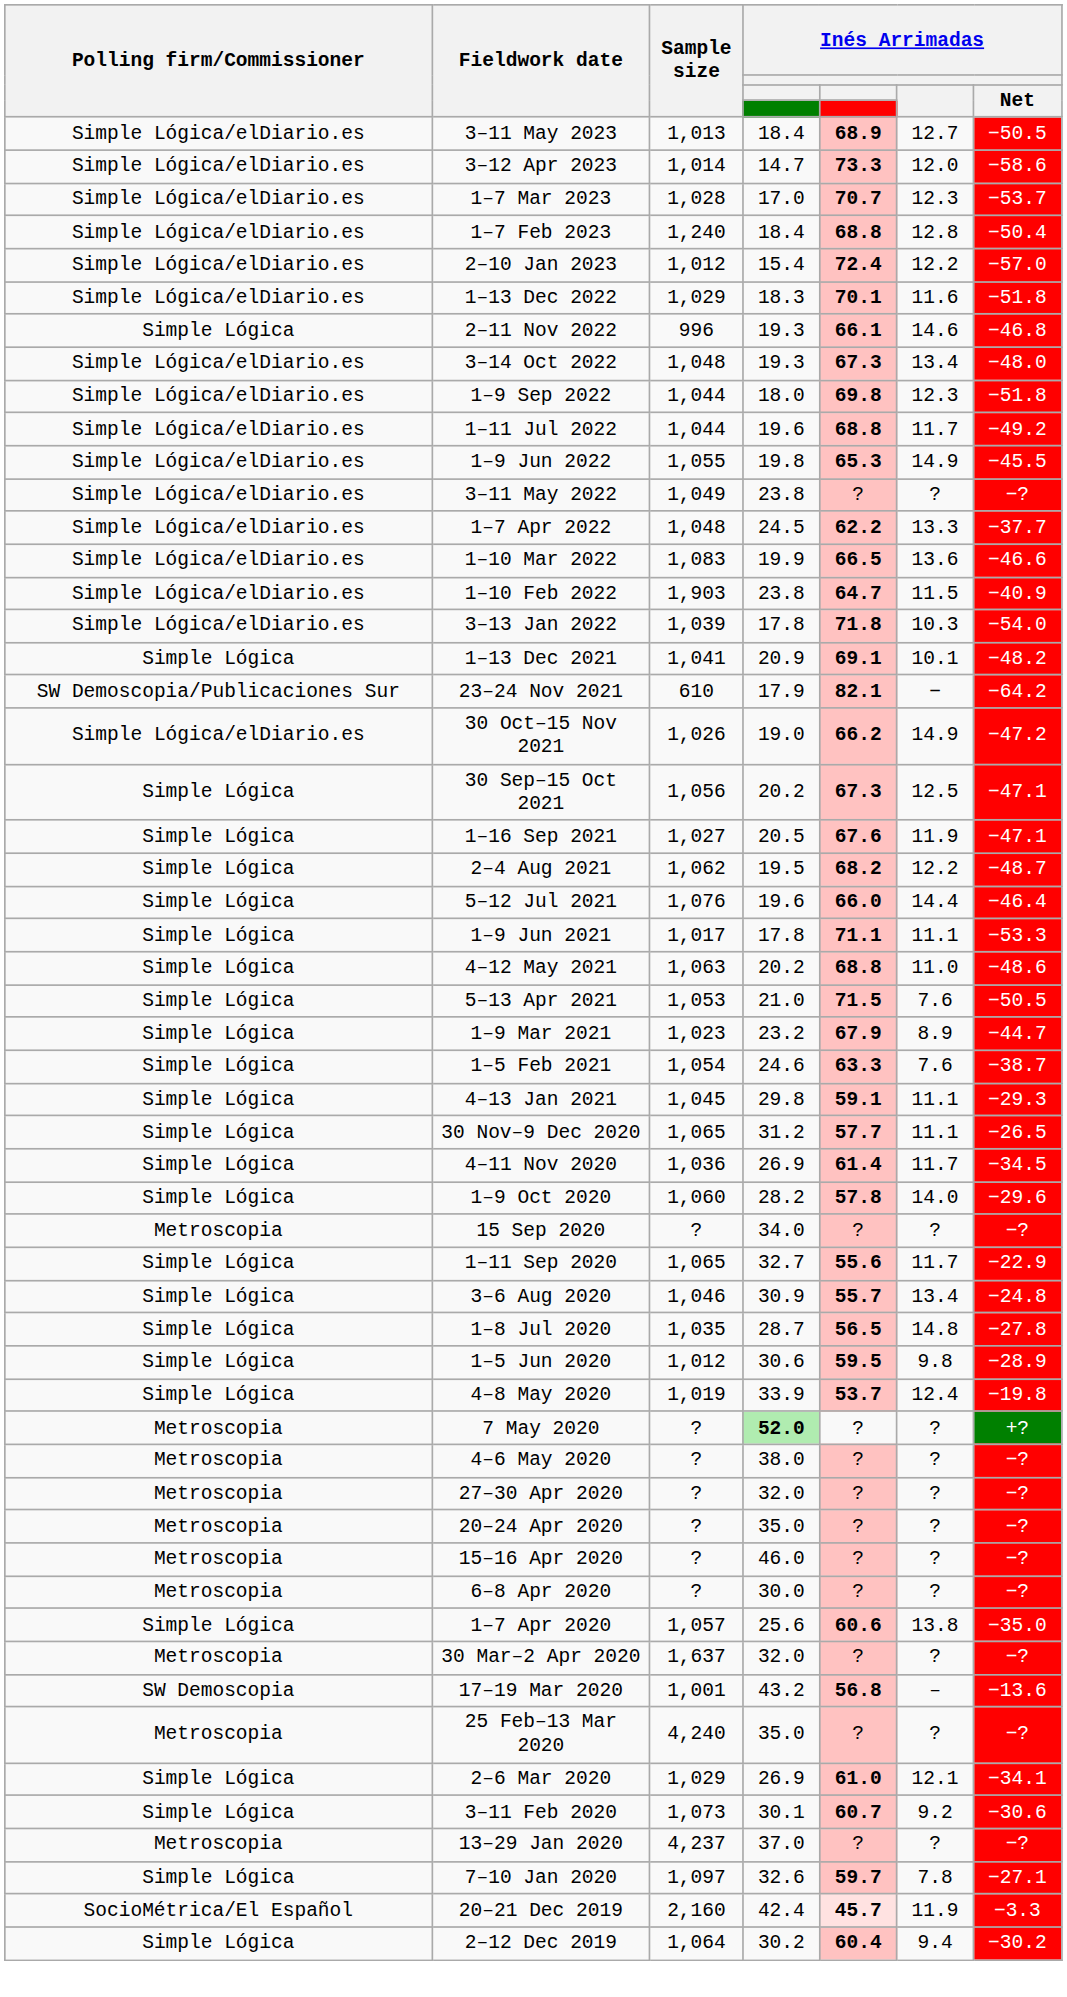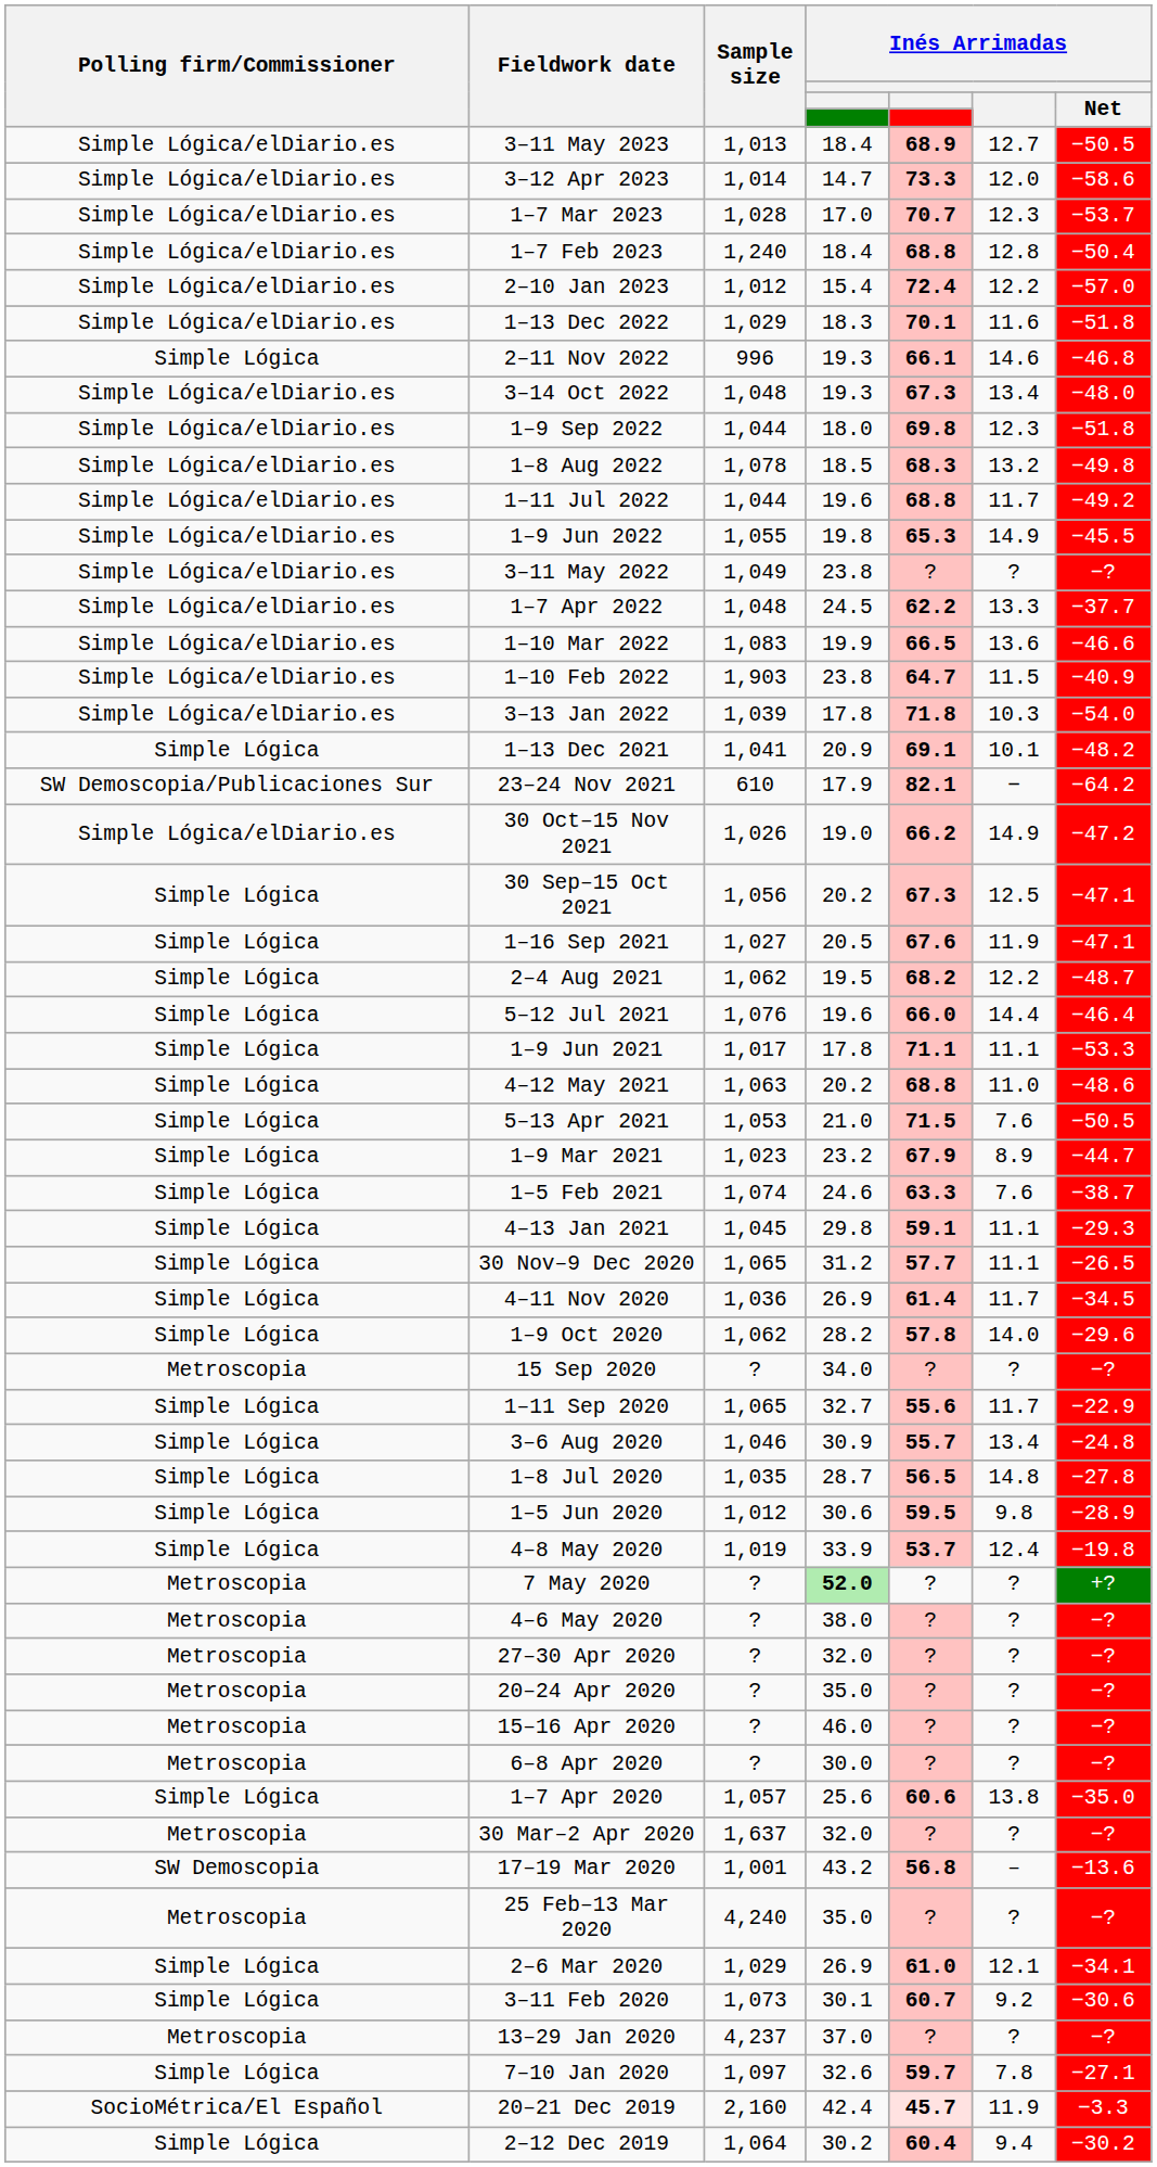 <table class="wikitable collapsible collapsed" style="text-align:center; font-size:90%; line-height:14px;">
 <tr style="height:42px;">
 <th style="width:250px;" rowspan="4">Polling firm/Commissioner</th>
 <th style="width:125px;" rowspan="4">Fieldwork date</th>
 <th style="width:50px;" rowspan="4">Sample size</th>
 <th style="width:185px;" colspan="4"><a href='#'>Inés Arrimadas</a><br></th>
 </tr>
 <tr>
 <th colspan="4" style="background:"></th>
 </tr>
 <tr>
 <th style="width:30px;"></th>
 <th style="width:30px;"></th>
 <th style="width:30px;" rowspan="2"></th>
 <th style="width:30px;" rowspan="2">Net</th>
 </tr>
 <tr>
 <th style="color:inherit;background:#008000;"></th>
 <th style="color:inherit;background:#FF0000;"></th>
 </tr>
 <tr>
 <td>Simple Lógica/elDiario.es</td>
 <td>3–11 May 2023</td>
 <td>1,013</td>
 <td>18.4</td>
 <td style="background:#FFC2C1;"><strong>68.9</strong></td>
 <td>12.7</td>
 <td style="background:#FF0000; color:white;">−50.5</td>
 </tr>
 <tr>
 <td>Simple Lógica/elDiario.es</td>
 <td>3–12 Apr 2023</td>
 <td>1,014</td>
 <td>14.7</td>
 <td style="background:#FFC2C1;"><strong>73.3</strong></td>
 <td>12.0</td>
 <td style="background:#FF0000; color:white;">−58.6</td>
 </tr>
 <tr>
 <td>Simple Lógica/elDiario.es</td>
 <td>1–7 Mar 2023</td>
 <td>1,028</td>
 <td>17.0</td>
 <td style="background:#FFC2C1;"><strong>70.7</strong></td>
 <td>12.3</td>
 <td style="background:#FF0000; color:white;">−53.7</td>
 </tr>
 <tr>
 <td>Simple Lógica/elDiario.es</td>
 <td>1–7 Feb 2023</td>
 <td>1,240</td>
 <td>18.4</td>
 <td style="background:#FFC2C1;"><strong>68.8</strong></td>
 <td>12.8</td>
 <td style="background:#FF0000; color:white;">−50.4</td>
 </tr>
 <tr>
 <td>Simple Lógica/elDiario.es</td>
 <td>2–10 Jan 2023</td>
 <td>1,012</td>
 <td>15.4</td>
 <td style="background:#FFC2C1;"><strong>72.4</strong></td>
 <td>12.2</td>
 <td style="background:#FF0000; color:white;">−57.0</td>
 </tr>
 <tr>
 <td>Simple Lógica/elDiario.es</td>
 <td>1–13 Dec 2022</td>
 <td>1,029</td>
 <td>18.3</td>
 <td style="background:#FFC2C1;"><strong>70.1</strong></td>
 <td>11.6</td>
 <td style="background:#FF0000; color:white;">−51.8</td>
 </tr>
 <tr>
 <td>Simple Lógica</td>
 <td>2–11 Nov 2022</td>
 <td>996</td>
 <td>19.3</td>
 <td style="background:#FFC2C1;"><strong>66.1</strong></td>
 <td>14.6</td>
 <td style="background:#FF0000; color:white;">−46.8</td>
 </tr>
 <tr>
 <td>Simple Lógica/elDiario.es</td>
 <td>3–14 Oct 2022</td>
 <td>1,048</td>
 <td>19.3</td>
 <td style="background:#FFC2C1;"><strong>67.3</strong></td>
 <td>13.4</td>
 <td style="background:#FF0000; color:white;">−48.0</td>
 </tr>
 <tr>
 <td>Simple Lógica/elDiario.es</td>
 <td>1–9 Sep 2022</td>
 <td>1,044</td>
 <td>18.0</td>
 <td style="background:#FFC2C1;"><strong>69.8</strong></td>
 <td>12.3</td>
 <td style="background:#FF0000; color:white;">−51.8</td>
+</tr>
+<tr>
+<td>Simple Lógica/elDiario.es</td>
+<td>1–8 Aug 2022</td>
+<td>1,078</td>
+<td>18.5</td>
+<td style="background:#FFC2C1;"><strong>68.3</strong></td>
+<td>13.2</td>
+<td style="background:#FF0000; color:white;">−49.8</td>
 </tr>
 <tr>
 <td>Simple Lógica/elDiario.es</td>
 <td>1–11 Jul 2022</td>
 <td>1,044</td>
 <td>19.6</td>
 <td style="background:#FFC2C1;"><strong>68.8</strong></td>
 <td>11.7</td>
 <td style="background:#FF0000; color:white;">−49.2</td>
 </tr>
 <tr>
 <td>Simple Lógica/elDiario.es</td>
 <td>1–9 Jun 2022</td>
 <td>1,055</td>
 <td>19.8</td>
 <td style="background:#FFC2C1;"><strong>65.3</strong></td>
 <td>14.9</td>
 <td style="background:#FF0000; color:white;">−45.5</td>
 </tr>
 <tr>
 <td>Simple Lógica/elDiario.es</td>
 <td>3–11 May 2022</td>
 <td>1,049</td>
 <td>23.8</td>
 <td style="background:#FFC2C1;">?</td>
 <td>?</td>
 <td style="background:#FF0000; color:white;">−?</td>
 </tr>
 <tr>
 <td>Simple Lógica/elDiario.es</td>
 <td>1–7 Apr 2022</td>
 <td>1,048</td>
 <td>24.5</td>
 <td style="background:#FFC2C1;"><strong>62.2</strong></td>
 <td>13.3</td>
 <td style="background:#FF0000; color:white;">−37.7</td>
 </tr>
 <tr>
 <td>Simple Lógica/elDiario.es</td>
 <td>1–10 Mar 2022</td>
 <td>1,083</td>
 <td>19.9</td>
 <td style="background:#FFC2C1;"><strong>66.5</strong></td>
 <td>13.6</td>
 <td style="background:#FF0000; color:white;">−46.6</td>
 </tr>
 <tr>
 <td>Simple Lógica/elDiario.es</td>
 <td>1–10 Feb 2022</td>
 <td>1,903</td>
 <td>23.8</td>
 <td style="background:#FFC2C1;"><strong>64.7</strong></td>
 <td>11.5</td>
 <td style="background:#FF0000; color:white;">−40.9</td>
 </tr>
 <tr>
 <td>Simple Lógica/elDiario.es</td>
 <td>3–13 Jan 2022</td>
 <td>1,039</td>
 <td>17.8</td>
 <td style="background:#FFC2C1;"><strong>71.8</strong></td>
 <td>10.3</td>
 <td style="background:#FF0000; color:white;">−54.0</td>
 </tr>
 <tr>
 <td>Simple Lógica</td>
 <td>1–13 Dec 2021</td>
 <td>1,041</td>
 <td>20.9</td>
 <td style="background:#FFC2C1;"><strong>69.1</strong></td>
 <td>10.1</td>
 <td style="background:#FF0000; color:white;">−48.2</td>
 </tr>
 <tr>
 <td>SW Demoscopia/Publicaciones Sur</td>
 <td>23–24 Nov 2021</td>
 <td>610</td>
 <td>17.9</td>
 <td style="background:#FFC2C1;"><strong>82.1</strong></td>
 <td>−</td>
 <td style="background:#FF0000; color:white;">−64.2</td>
 </tr>
 <tr>
 <td>Simple Lógica/elDiario.es</td>
 <td>30 Oct–15 Nov 2021</td>
 <td>1,026</td>
 <td>19.0</td>
 <td style="background:#FFC2C1;"><strong>66.2</strong></td>
 <td>14.9</td>
 <td style="background:#FF0000; color:white;">−47.2</td>
 </tr>
 <tr>
 <td>Simple Lógica</td>
 <td>30 Sep–15 Oct 2021</td>
 <td>1,056</td>
 <td>20.2</td>
 <td style="background:#FFC2C1;"><strong>67.3</strong></td>
 <td>12.5</td>
 <td style="background:#FF0000; color:white;">−47.1</td>
 </tr>
 <tr>
 <td>Simple Lógica</td>
 <td>1–16 Sep 2021</td>
 <td>1,027</td>
 <td>20.5</td>
 <td style="background:#FFC2C1;"><strong>67.6</strong></td>
 <td>11.9</td>
 <td style="background:#FF0000; color:white;">−47.1</td>
 </tr>
 <tr>
 <td>Simple Lógica</td>
 <td>2–4 Aug 2021</td>
 <td>1,062</td>
 <td>19.5</td>
 <td style="background:#FFC2C1;"><strong>68.2</strong></td>
 <td>12.2</td>
 <td style="background:#FF0000; color:white;">−48.7</td>
 </tr>
 <tr>
 <td>Simple Lógica</td>
 <td>5–12 Jul 2021</td>
 <td>1,076</td>
 <td>19.6</td>
 <td style="background:#FFC2C1;"><strong>66.0</strong></td>
 <td>14.4</td>
 <td style="background:#FF0000; color:white;">−46.4</td>
 </tr>
 <tr>
 <td>Simple Lógica</td>
 <td>1–9 Jun 2021</td>
 <td>1,017</td>
 <td>17.8</td>
 <td style="background:#FFC2C1;"><strong>71.1</strong></td>
 <td>11.1</td>
 <td style="background:#FF0000; color:white;">−53.3</td>
 </tr>
 <tr>
 <td>Simple Lógica</td>
 <td>4–12 May 2021</td>
 <td>1,063</td>
 <td>20.2</td>
 <td style="background:#FFC2C1;"><strong>68.8</strong></td>
 <td>11.0</td>
 <td style="background:#FF0000; color:white;">−48.6</td>
 </tr>
 <tr>
 <td>Simple Lógica</td>
 <td>5–13 Apr 2021</td>
 <td>1,053</td>
 <td>21.0</td>
 <td style="background:#FFC2C1;"><strong>71.5</strong></td>
 <td>7.6</td>
 <td style="background:#FF0000; color:white;">−50.5</td>
 </tr>
 <tr>
 <td>Simple Lógica</td>
 <td>1–9 Mar 2021</td>
 <td>1,023</td>
 <td>23.2</td>
 <td style="background:#FFC2C1;"><strong>67.9</strong></td>
 <td>8.9</td>
 <td style="background:#FF0000; color:white;">−44.7</td>
 </tr>
 <tr>
 <td>Simple Lógica</td>
 <td>1–5 Feb 2021</td>
-<td>1,054</td>
+<td>1,074</td>
 <td>24.6</td>
 <td style="background:#FFC2C1;"><strong>63.3</strong></td>
 <td>7.6</td>
 <td style="background:#FF0000; color:white;">−38.7</td>
 </tr>
 <tr>
 <td>Simple Lógica</td>
 <td>4–13 Jan 2021</td>
 <td>1,045</td>
 <td>29.8</td>
 <td style="background:#FFC2C1;"><strong>59.1</strong></td>
 <td>11.1</td>
 <td style="background:#FF0000; color:white;">−29.3</td>
 </tr>
 <tr>
 <td>Simple Lógica</td>
 <td>30 Nov–9 Dec 2020</td>
 <td>1,065</td>
 <td>31.2</td>
 <td style="background:#FFC2C1;"><strong>57.7</strong></td>
 <td>11.1</td>
 <td style="background:#FF0000; color:white;">−26.5</td>
 </tr>
 <tr>
 <td>Simple Lógica</td>
 <td>4–11 Nov 2020</td>
 <td>1,036</td>
 <td>26.9</td>
 <td style="background:#FFC2C1;"><strong>61.4</strong></td>
 <td>11.7</td>
 <td style="background:#FF0000; color:white;">−34.5</td>
 </tr>
 <tr>
 <td>Simple Lógica</td>
 <td>1–9 Oct 2020</td>
-<td>1,060</td>
+<td>1,062</td>
 <td>28.2</td>
 <td style="background:#FFC2C1;"><strong>57.8</strong></td>
 <td>14.0</td>
 <td style="background:#FF0000; color:white;">−29.6</td>
 </tr>
 <tr>
 <td>Metroscopia</td>
 <td>15 Sep 2020</td>
 <td>?</td>
 <td>34.0</td>
 <td style="background:#FFC2C1;">?</td>
 <td>?</td>
 <td style="background:#FF0000; color:white;">−?</td>
 </tr>
 <tr>
 <td>Simple Lógica</td>
 <td>1–11 Sep 2020</td>
 <td>1,065</td>
 <td>32.7</td>
 <td style="background:#FFC2C1;"><strong>55.6</strong></td>
 <td>11.7</td>
 <td style="background:#FF0000; color:white;">−22.9</td>
 </tr>
 <tr>
 <td>Simple Lógica</td>
 <td>3–6 Aug 2020</td>
 <td>1,046</td>
 <td>30.9</td>
 <td style="background:#FFC2C1;"><strong>55.7</strong></td>
 <td>13.4</td>
 <td style="background:#FF0000; color:white;">−24.8</td>
 </tr>
 <tr>
 <td>Simple Lógica</td>
 <td>1–8 Jul 2020</td>
 <td>1,035</td>
 <td>28.7</td>
 <td style="background:#FFC2C1;"><strong>56.5</strong></td>
 <td>14.8</td>
 <td style="background:#FF0000; color:white;">−27.8</td>
 </tr>
 <tr>
 <td>Simple Lógica</td>
 <td>1–5 Jun 2020</td>
 <td>1,012</td>
 <td>30.6</td>
 <td style="background:#FFC2C1;"><strong>59.5</strong></td>
 <td>9.8</td>
 <td style="background:#FF0000; color:white;">−28.9</td>
 </tr>
 <tr>
 <td>Simple Lógica</td>
 <td>4–8 May 2020</td>
 <td>1,019</td>
 <td>33.9</td>
 <td style="background:#FFC2C1;"><strong>53.7</strong></td>
 <td>12.4</td>
 <td style="background:#FF0000; color:white;">−19.8</td>
 </tr>
 <tr>
 <td>Metroscopia</td>
 <td>7 May 2020</td>
 <td>?</td>
 <td style="background:#B0ECB0;"><strong>52.0</strong></td>
 <td>?</td>
 <td>?</td>
 <td style="background:#008000; color:white;">+?</td>
 </tr>
 <tr>
 <td>Metroscopia</td>
 <td>4–6 May 2020</td>
 <td>?</td>
 <td>38.0</td>
 <td style="background:#FFC2C1;">?</td>
 <td>?</td>
 <td style="background:#FF0000; color:white;">−?</td>
 </tr>
 <tr>
 <td>Metroscopia</td>
 <td>27–30 Apr 2020</td>
 <td>?</td>
 <td>32.0</td>
 <td style="background:#FFC2C1;">?</td>
 <td>?</td>
 <td style="background:#FF0000; color:white;">−?</td>
 </tr>
 <tr>
 <td>Metroscopia</td>
 <td>20–24 Apr 2020</td>
 <td>?</td>
 <td>35.0</td>
 <td style="background:#FFC2C1;">?</td>
 <td>?</td>
 <td style="background:#FF0000; color:white;">−?</td>
 </tr>
 <tr>
 <td>Metroscopia</td>
 <td>15–16 Apr 2020</td>
 <td>?</td>
 <td>46.0</td>
 <td style="background:#FFC2C1;">?</td>
 <td>?</td>
 <td style="background:#FF0000; color:white;">−?</td>
 </tr>
 <tr>
 <td>Metroscopia</td>
 <td>6–8 Apr 2020</td>
 <td>?</td>
 <td>30.0</td>
 <td style="background:#FFC2C1;">?</td>
 <td>?</td>
 <td style="background:#FF0000; color:white;">−?</td>
 </tr>
 <tr>
 <td>Simple Lógica</td>
 <td>1–7 Apr 2020</td>
 <td>1,057</td>
 <td>25.6</td>
 <td style="background:#FFC2C1;"><strong>60.6</strong></td>
 <td>13.8</td>
 <td style="background:#FF0000; color:white;">−35.0</td>
 </tr>
 <tr>
 <td>Metroscopia</td>
 <td>30 Mar–2 Apr 2020</td>
 <td>1,637</td>
 <td>32.0</td>
 <td style="background:#FFC2C1;">?</td>
 <td>?</td>
 <td style="background:#FF0000; color:white;">−?</td>
 </tr>
 <tr>
 <td>SW Demoscopia</td>
 <td>17–19 Mar 2020</td>
 <td>1,001</td>
 <td>43.2</td>
 <td style="background:#FFC2C1;"><strong>56.8</strong></td>
 <td>–</td>
 <td style="background:#FF0000; color:white;">−13.6</td>
 </tr>
 <tr>
 <td>Metroscopia</td>
 <td>25 Feb–13 Mar 2020</td>
 <td>4,240</td>
 <td>35.0</td>
 <td style="background:#FFC2C1;">?</td>
 <td>?</td>
 <td style="background:#FF0000; color:white;">−?</td>
 </tr>
 <tr>
 <td>Simple Lógica</td>
 <td>2–6 Mar 2020</td>
 <td>1,029</td>
 <td>26.9</td>
 <td style="background:#FFC2C1;"><strong>61.0</strong></td>
 <td>12.1</td>
 <td style="background:#FF0000; color:white;">−34.1</td>
 </tr>
 <tr>
 <td>Simple Lógica</td>
 <td>3–11 Feb 2020</td>
 <td>1,073</td>
 <td>30.1</td>
 <td style="background:#FFC2C1;"><strong>60.7</strong></td>
 <td>9.2</td>
 <td style="background:#FF0000; color:white;">−30.6</td>
 </tr>
 <tr>
 <td>Metroscopia</td>
 <td>13–29 Jan 2020</td>
 <td>4,237</td>
 <td>37.0</td>
 <td style="background:#FFC2C1;">?</td>
 <td>?</td>
 <td style="background:#FF0000; color:white;">−?</td>
 </tr>
 <tr>
 <td>Simple Lógica</td>
 <td>7–10 Jan 2020</td>
 <td>1,097</td>
 <td>32.6</td>
 <td style="background:#FFC2C1;"><strong>59.7</strong></td>
 <td>7.8</td>
 <td style="background:#FF0000; color:white;">−27.1</td>
 </tr>
 <tr>
 <td>SocioMétrica/El Español</td>
 <td>20–21 Dec 2019</td>
 <td>2,160</td>
 <td>42.4</td>
 <td style="background:#FFE2E1;"><strong>45.7</strong></td>
 <td>11.9</td>
 <td style="background:#FF0000; color:white;">−3.3</td>
 </tr>
 <tr>
 <td>Simple Lógica</td>
 <td>2–12 Dec 2019</td>
 <td>1,064</td>
 <td>30.2</td>
 <td style="background:#FFC2C1;"><strong>60.4</strong></td>
 <td>9.4</td>
 <td style="background:#FF0000; color:white;">−30.2</td>
 </tr>
 </table>
